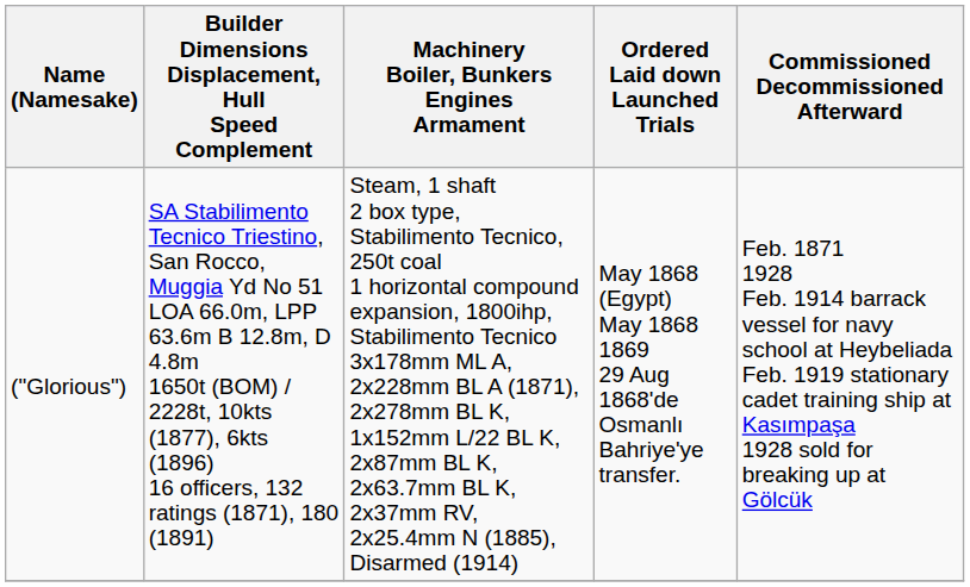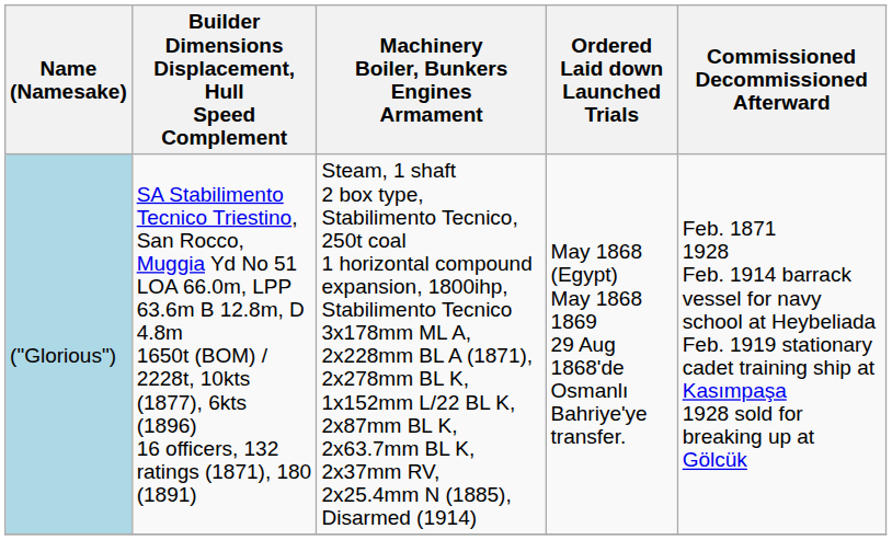 <table class="wikitable" style="font-size:90%;">
 <tr bgcolor="#e6e9ff">
 <th>Name<br>(Namesake)</th>
 <th>Builder<br>Dimensions<br>Displacement, Hull<br>Speed<br>Complement</th>
 <th>Machinery<br>Boiler, Bunkers<br>Engines<br>Armament</th>
 <th>Ordered<br>Laid down<br>Launched<br>Trials</th>
 <th>Commissioned<br>Decommissioned<br>Afterward</th>
 </tr>
 <tr ---->
-<td><br>("Glorious")</td>
+<td style="background: lightblue;"><br>("Glorious")</td>
 <td> <a href='#'>SA Stabilimento Tecnico Triestino</a>, San Rocco, <a href='#'>Muggia</a> Yd No 51<br>LOA 66.0m, LPP 63.6m B 12.8m, D 4.8m<br>1650t (BOM) / 2228t, 10kts (1877), 6kts (1896)<br>16 officers, 132 ratings (1871), 180 (1891)</td>
 <td>Steam, 1 shaft<br>2 box type, Stabilimento Tecnico, 250t coal<br>1 horizontal compound expansion, 1800ihp, Stabilimento Tecnico<br>3x178mm ML A, 2x228mm BL A (1871), 2x278mm BL K, 1x152mm L/22 BL K, 2x87mm BL K, 2x63.7mm BL K, 2x37mm RV, 2x25.4mm N (1885), Disarmed (1914)</td>
 <td>May 1868 (Egypt)<br>May 1868<br>1869<br>29 Aug 1868'de Osmanlı Bahriye'ye transfer.</td>
 <td>Feb. 1871<br>1928<br>Feb. 1914 barrack vessel for navy school at Heybeliada<br>Feb. 1919 stationary cadet training ship at <a href='#'>Kasımpaşa</a><br>1928 sold for breaking up at <a href='#'>Gölcük</a></td>
 </tr>
 <tr ---->
 </tr>
 </table>
